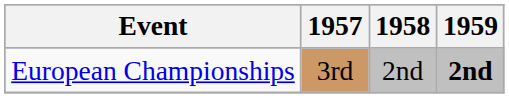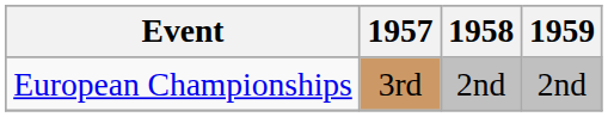 <table class="wikitable">
 <tr>
 <th>Event</th>
 <th>1957</th>
 <th>1958</th>
 <th>1959</th>
 </tr>
 <tr>
 <td><a href='#'>European Championships</a></td>
 <td align="center" bgcolor="cc9966">3rd</td>
 <td align="center" bgcolor="silver">2nd</td>
-<td align="center" bgcolor="silver"><strong>2nd</strong></td>
+<td align="center" bgcolor="silver">2nd</td>
 </tr>
 <tr>
 </tr>
 </table>
